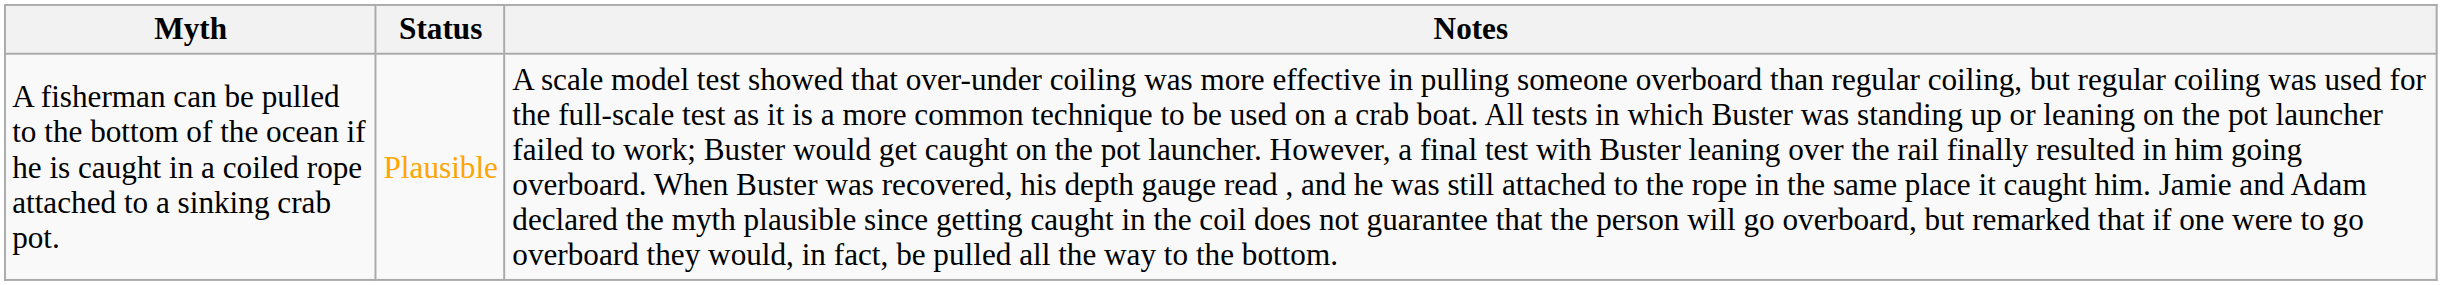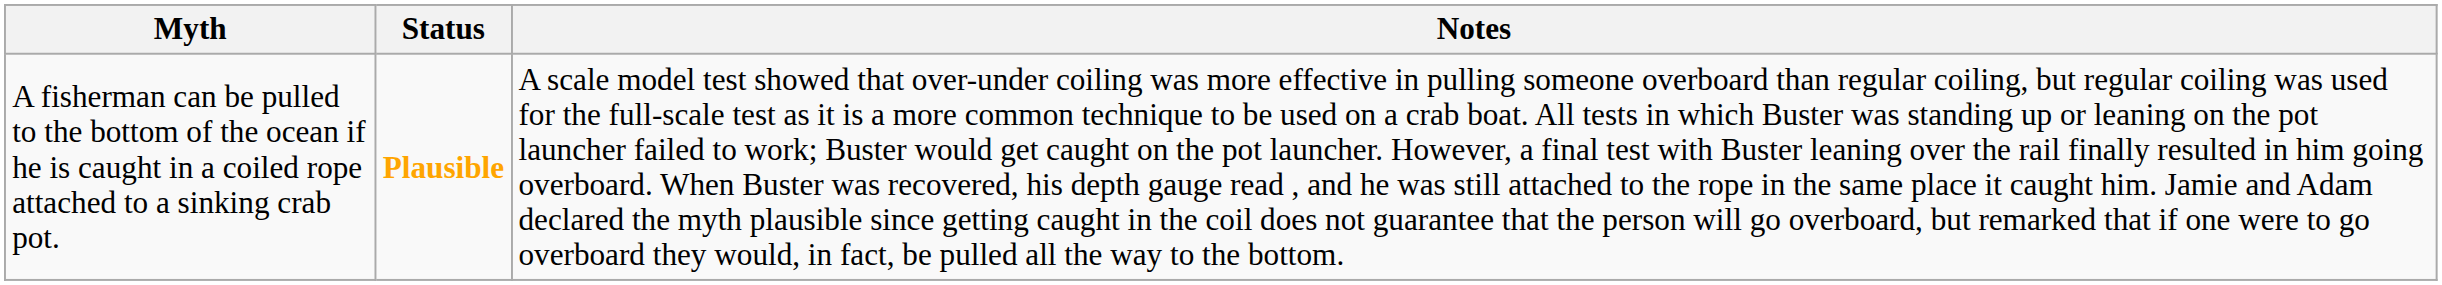 <table class="wikitable plainrowheaders">
 <tr>
 <th scope"col">Myth</th>
 <th scope"col">Status</th>
 <th scope"col">Notes</th>
 </tr>
 <tr>
 <td scope"row">A fisherman can be pulled to the bottom of the ocean if he is caught in a coiled rope attached to a sinking crab pot.</td>
-<td style="color:orange">Plausible</td>
+<td style="color:orange"><strong>Plausible</strong></td>
 <td>A scale model test showed that over-under coiling was more effective in pulling someone overboard than regular coiling, but regular coiling was used for the full-scale test as it is a more common technique to be used on a crab boat. All tests in which Buster was standing up or leaning on the pot launcher failed to work; Buster would get caught on the pot launcher. However, a final test with Buster leaning over the rail finally resulted in him going overboard. When Buster was recovered, his depth gauge read , and he was still attached to the rope in the same place it caught him. Jamie and Adam declared the myth plausible since getting caught in the coil does not guarantee that the person will go overboard, but remarked that if one were to go overboard they would, in fact, be pulled all the way to the bottom.</td>
 </tr>
 </table>
